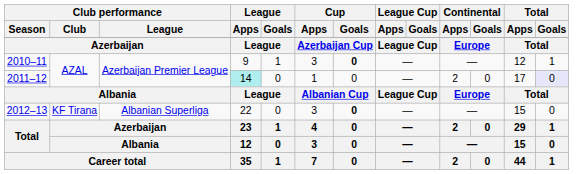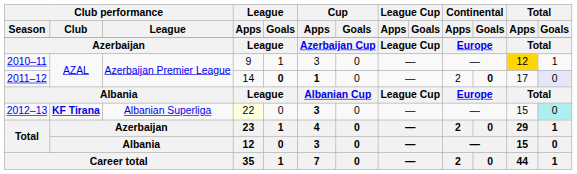 <table class="wikitable" style="text-align:center">
 <tr>
 <th colspan=3>Club performance</th>
 <th colspan=2>League</th>
 <th colspan=2>Cup</th>
 <th colspan=2>League Cup</th>
 <th colspan=2>Continental</th>
 <th colspan=2>Total</th>
 </tr>
 <tr>
 <th>Season</th>
 <th>Club</th>
 <th>League</th>
 <th>Apps</th>
 <th>Goals</th>
 <th>Apps</th>
 <th>Goals</th>
 <th>Apps</th>
 <th>Goals</th>
 <th>Apps</th>
 <th>Goals</th>
 <th>Apps</th>
 <th>Goals</th>
 </tr>
 <tr>
 </tr>
 <tr>
 <th colspan=3>Azerbaijan</th>
 <th colspan=2>League</th>
 <th colspan=2><a href='#'>Azerbaijan Cup</a></th>
 <th colspan=2>League Cup</th>
 <th colspan=2><a href='#'>Europe</a></th>
 <th colspan=2>Total</th>
 </tr>
 <tr>
 <td><a href='#'>2010–11</a></td>
 <td rowspan="2"><a href='#'>AZAL</a></td>
 <td rowspan="2"><a href='#'>Azerbaijan Premier League</a></td>
 <td>9</td>
 <td>1</td>
 <td>3</td>
-<td><strong>0</strong></td>
+<td>0</td>
 <td colspan="2">—</td>
 <td colspan="2">—</td>
-<td>12</td>
+<td style="background: gold;">12</td>
 <td>1</td>
 </tr>
 <tr>
 <td><a href='#'>2011–12</a></td>
-<td style="background: paleturquoise;">14</td>
-<td>0</td>
-<td>1</td>
+<td>14</td>
+<td><strong>0</strong></td>
+<td><strong>1</strong></td>
 <td>0</td>
 <td colspan="2">—</td>
 <td>2</td>
-<td>0</td>
+<td><strong>0</strong></td>
 <td>17</td>
 <td style="background: lavender;">0</td>
 </tr>
 <tr>
 <th colspan=3>Albania</th>
 <th colspan=2>League</th>
 <th colspan=2><a href='#'>Albanian Cup</a></th>
 <th colspan=2>League Cup</th>
 <th colspan=2><a href='#'>Europe</a></th>
 <th colspan=2>Total</th>
 </tr>
 <tr>
 <td><a href='#'>2012–13</a></td>
-<td><a href='#'>KF Tirana</a></td>
+<td><strong><a href='#'>KF Tirana</a></strong></td>
 <td><a href='#'>Albanian Superliga</a></td>
-<td>22</td>
+<td style="background: lightyellow;">22</td>
 <td>0</td>
-<td>3</td>
-<td><strong>0</strong></td>
+<td><strong>3</strong></td>
+<td>0</td>
 <td colspan="2">—</td>
 <td colspan="2">—</td>
 <td>15</td>
-<td>0</td>
+<td style="background: paleturquoise;">0</td>
 </tr>
 <tr>
 <th rowspan=2>Total</th>
 <th colspan=2>Azerbaijan</th>
 <th>23</th>
 <th>1</th>
 <th>4</th>
 <th>0</th>
 <th colspan="2">—</th>
 <th>2</th>
 <th>0</th>
 <th>29</th>
 <th>1</th>
 </tr>
 <tr>
 <th colspan=2>Albania</th>
 <th>12</th>
 <th>0</th>
 <th>3</th>
 <th>0</th>
 <th colspan="2">—</th>
 <th colspan="2">—</th>
 <th>15</th>
 <th>0</th>
 </tr>
 <tr>
 <th colspan=3>Career total</th>
 <th>35</th>
 <th>1</th>
 <th>7</th>
 <th>0</th>
 <th colspan="2">—</th>
 <th>2</th>
 <th>0</th>
 <th>44</th>
 <th>1</th>
 </tr>
 </table>
